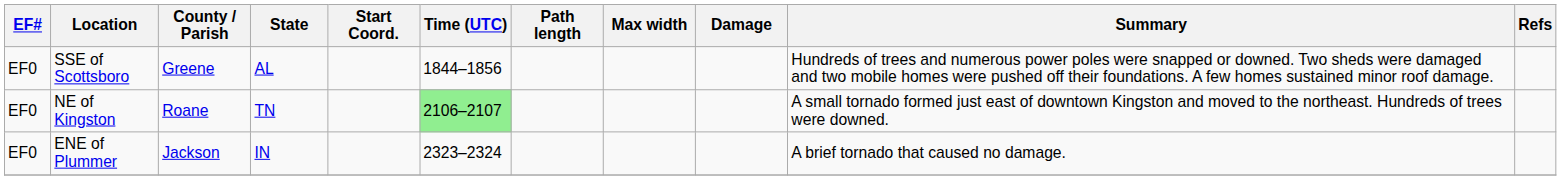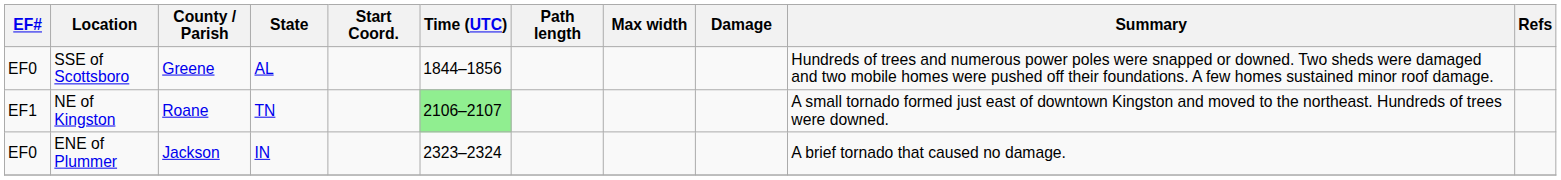 <table class="wikitable sortable" style="width:100%;">
 <tr>
 <th scope="col" width="3%" align="center"><a href='#'>EF#</a></th>
 <th scope="col" width="7%" align="center" class="unsortable">Location</th>
 <th scope="col" width="6%" align="center" class="unsortable">County / Parish</th>
 <th scope="col" width="5%" align="center">State</th>
 <th scope="col" width="6%" align="center">Start Coord.</th>
 <th scope="col" width="6%" align="center">Time (<a href='#'>UTC</a>)</th>
 <th scope="col" width="6%" align="center">Path length</th>
 <th scope="col" width="6%" align="center">Max width</th>
 <th scope="col" width="6%" align="center">Damage</th>
 <th scope="col" width="48%" class="unsortable" align="center">Summary</th>
 <th scope="col" width="48%" class="unsortable" align="center">Refs</th>
 </tr>
 <tr>
 <td>EF0</td>
 <td>SSE of <a href='#'>Scottsboro</a></td>
 <td><a href='#'>Greene</a></td>
 <td><a href='#'>AL</a></td>
 <td></td>
 <td>1844–1856</td>
 <td></td>
 <td></td>
 <td></td>
 <td>Hundreds of trees and numerous power poles were snapped or downed. Two sheds were damaged and two mobile homes were pushed off their foundations. A few homes sustained minor roof damage.</td>
 <td></td>
 </tr>
 <tr>
-<td>EF0</td>
+<td>EF1</td>
 <td>NE of <a href='#'>Kingston</a></td>
 <td><a href='#'>Roane</a></td>
 <td><a href='#'>TN</a></td>
 <td></td>
 <td style="background: lightgreen;">2106–2107</td>
 <td></td>
 <td></td>
 <td></td>
 <td>A small tornado formed just east of downtown Kingston and moved to the northeast. Hundreds of trees were downed.</td>
 <td></td>
 </tr>
 <tr>
 <td>EF0</td>
 <td>ENE of <a href='#'>Plummer</a></td>
 <td><a href='#'>Jackson</a></td>
 <td><a href='#'>IN</a></td>
 <td></td>
 <td>2323–2324</td>
 <td></td>
 <td></td>
 <td></td>
 <td>A brief tornado that caused no damage.</td>
 <td></td>
 </tr>
 <tr>
 </tr>
 </table>
